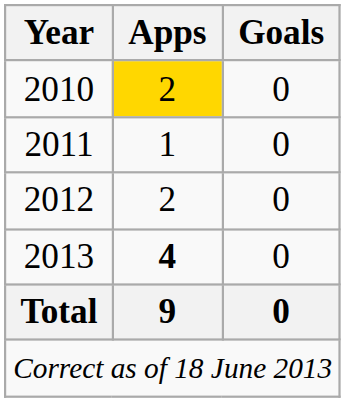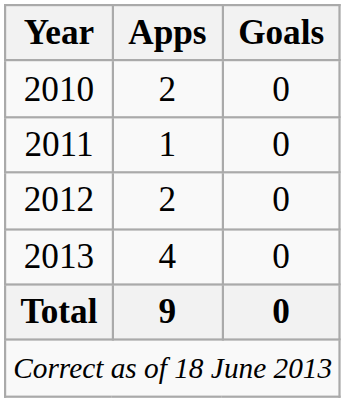 <table class="wikitable" style="text-align:center">
 <tr>
 <th>Year</th>
 <th>Apps</th>
 <th>Goals</th>
 </tr>
 <tr>
 <td>2010</td>
-<td style="background: gold;">2</td>
+<td>2</td>
 <td>0</td>
 </tr>
 <tr>
 <td>2011</td>
 <td>1</td>
 <td>0</td>
 </tr>
 <tr>
 <td>2012</td>
 <td>2</td>
 <td>0</td>
 </tr>
 <tr>
 <td>2013</td>
-<td><strong>4</strong></td>
+<td>4</td>
 <td>0</td>
 </tr>
 <tr>
 <th>Total</th>
 <th>9</th>
 <th>0</th>
 </tr>
 <tr>
 <td colspan="3"><small><em>Correct as of 18 June 2013</em></small></td>
 </tr>
 </table>
